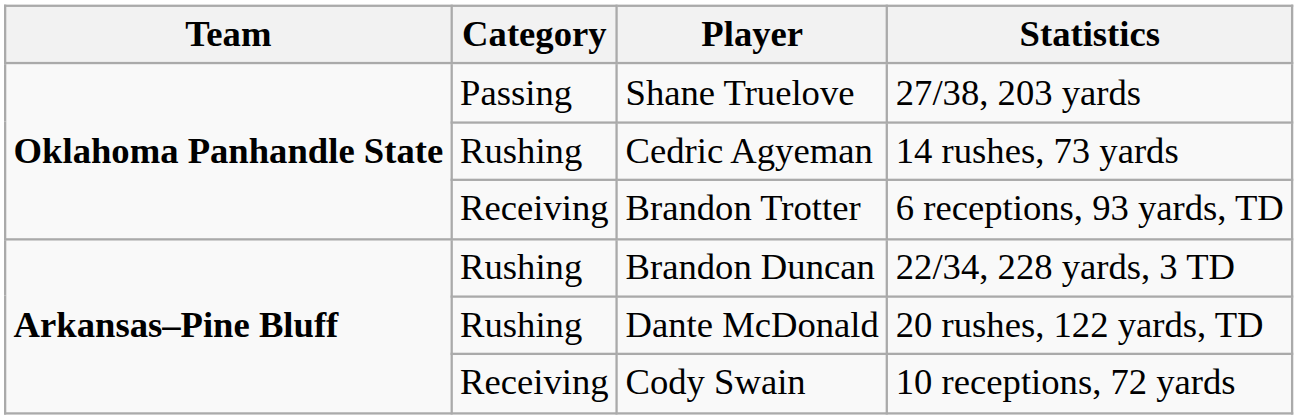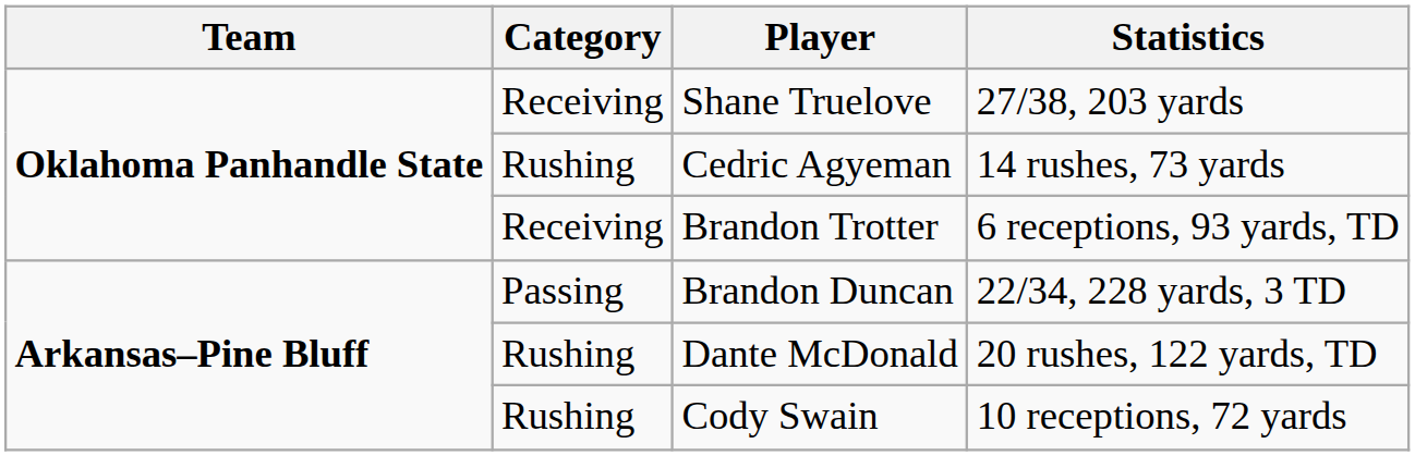 <table class="wikitable" style="float: left;">
 <tr>
 <th>Team</th>
 <th>Category</th>
 <th>Player</th>
 <th>Statistics</th>
 </tr>
 <tr>
 <td rowspan=3><strong>Oklahoma Panhandle State</strong></td>
-<td>Passing</td>
+<td>Receiving</td>
 <td>Shane Truelove</td>
 <td>27/38, 203 yards</td>
 </tr>
 <tr>
 <td>Rushing</td>
 <td>Cedric Agyeman</td>
 <td>14 rushes, 73 yards</td>
 </tr>
 <tr>
 <td>Receiving</td>
 <td>Brandon Trotter</td>
 <td>6 receptions, 93 yards, TD</td>
 </tr>
 <tr>
 <td rowspan=3><strong>Arkansas–Pine Bluff</strong></td>
-<td>Rushing</td>
+<td>Passing</td>
 <td>Brandon Duncan</td>
 <td>22/34, 228 yards, 3 TD</td>
 </tr>
 <tr>
 <td>Rushing</td>
 <td>Dante McDonald</td>
 <td>20 rushes, 122 yards, TD</td>
 </tr>
 <tr>
-<td>Receiving</td>
+<td>Rushing</td>
 <td>Cody Swain</td>
 <td>10 receptions, 72 yards</td>
 </tr>
 </table>
